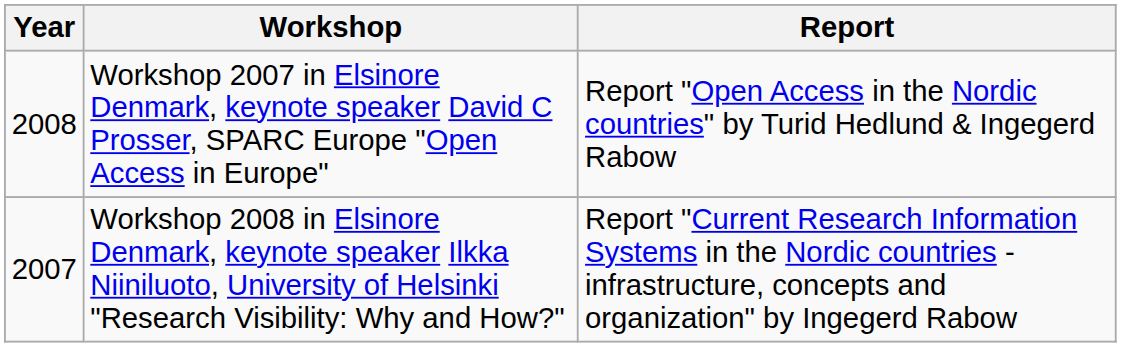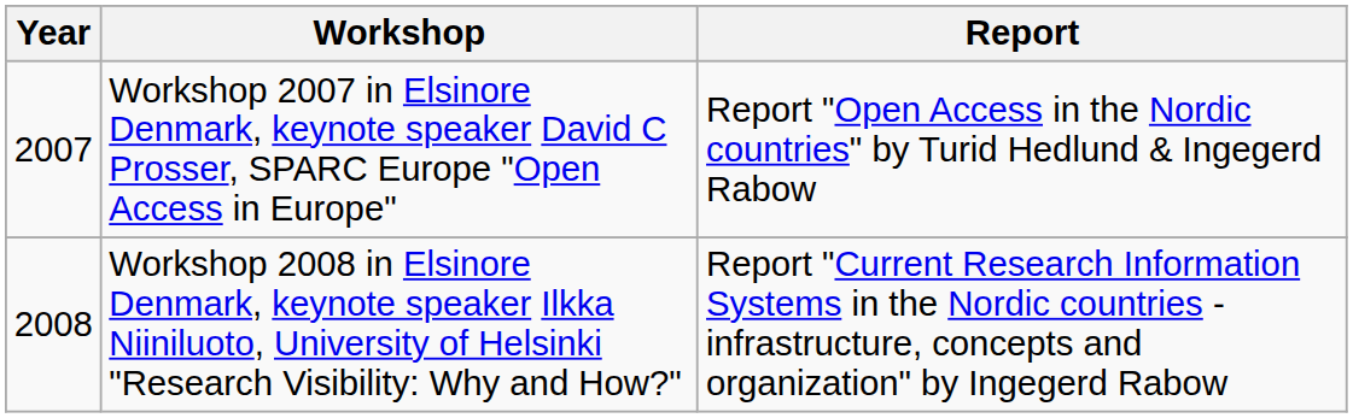 <table class="wikitable">
 <tr>
 <th>Year</th>
 <th>Workshop</th>
 <th>Report</th>
 </tr>
 <tr>
-<td>2008</td>
+<td>2007</td>
 <td>Workshop 2007 in <a href='#'>Elsinore</a> <a href='#'>Denmark</a>, <a href='#'>keynote speaker</a> <a href='#'>David C Prosser</a>, SPARC Europe "<a href='#'>Open Access</a> in Europe"</td>
 <td>Report "<a href='#'>Open Access</a> in the <a href='#'>Nordic countries</a>" by Turid Hedlund & Ingegerd Rabow</td>
 </tr>
 <tr>
-<td>2007</td>
+<td>2008</td>
 <td>Workshop 2008 in <a href='#'>Elsinore</a> <a href='#'>Denmark</a>, <a href='#'>keynote speaker</a> <a href='#'>Ilkka Niiniluoto</a>, <a href='#'>University of Helsinki</a> "Research Visibility: Why and How?"</td>
 <td>Report "<a href='#'>Current Research Information Systems</a> in the <a href='#'>Nordic countries</a> - infrastructure, concepts and organization" by Ingegerd Rabow</td>
 </tr>
 </table>
